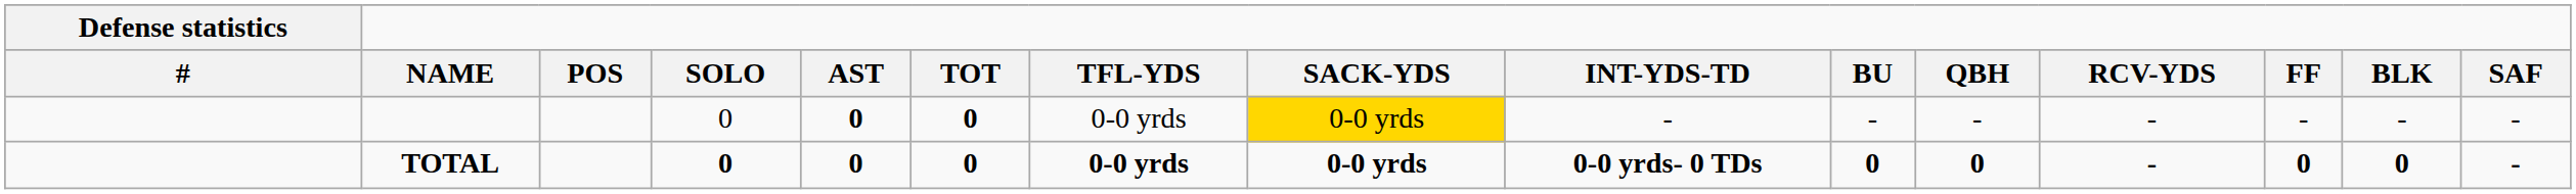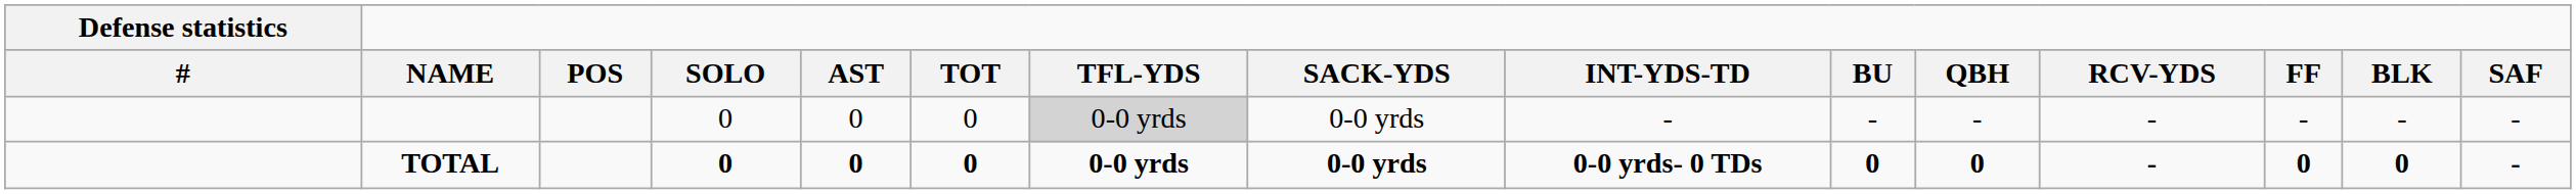 <table class="wikitable collapsible collapsed" style="width:90%; text-align:center;">
 <tr>
 <th style="text-align:center; ">Defense statistics</th>
 </tr>
 <tr>
 <th>#</th>
 <th>NAME</th>
 <th>POS</th>
 <th>SOLO</th>
 <th>AST</th>
 <th>TOT</th>
 <th>TFL-YDS</th>
 <th>SACK-YDS</th>
 <th>INT-YDS-TD</th>
 <th>BU</th>
 <th>QBH</th>
 <th>RCV-YDS</th>
 <th>FF</th>
 <th>BLK</th>
 <th>SAF</th>
 </tr>
 <tr>
 <td></td>
 <td></td>
 <td></td>
 <td>0</td>
-<td><strong>0</strong></td>
-<td><strong>0</strong></td>
+<td>0</td>
+<td>0</td>
+<td style="background: lightgrey;">0-0 yrds</td>
 <td>0-0 yrds</td>
-<td style="background: gold;">0-0 yrds</td>
 <td>-</td>
 <td>-</td>
 <td>-</td>
 <td>-</td>
 <td>-</td>
 <td>-</td>
 <td>-</td>
 </tr>
 <tr>
 <td></td>
 <td><strong>TOTAL</strong></td>
 <td></td>
 <td><strong>0</strong></td>
 <td><strong>0</strong></td>
 <td><strong>0</strong></td>
 <td><strong>0-0 yrds</strong></td>
 <td><strong>0-0 yrds</strong></td>
 <td><strong>0-0 yrds- 0 TDs</strong></td>
 <td><strong>0</strong></td>
 <td><strong>0</strong></td>
 <td><strong>-</strong></td>
 <td><strong>0</strong></td>
 <td><strong>0</strong></td>
 <td><strong>-</strong></td>
 </tr>
 </table>
